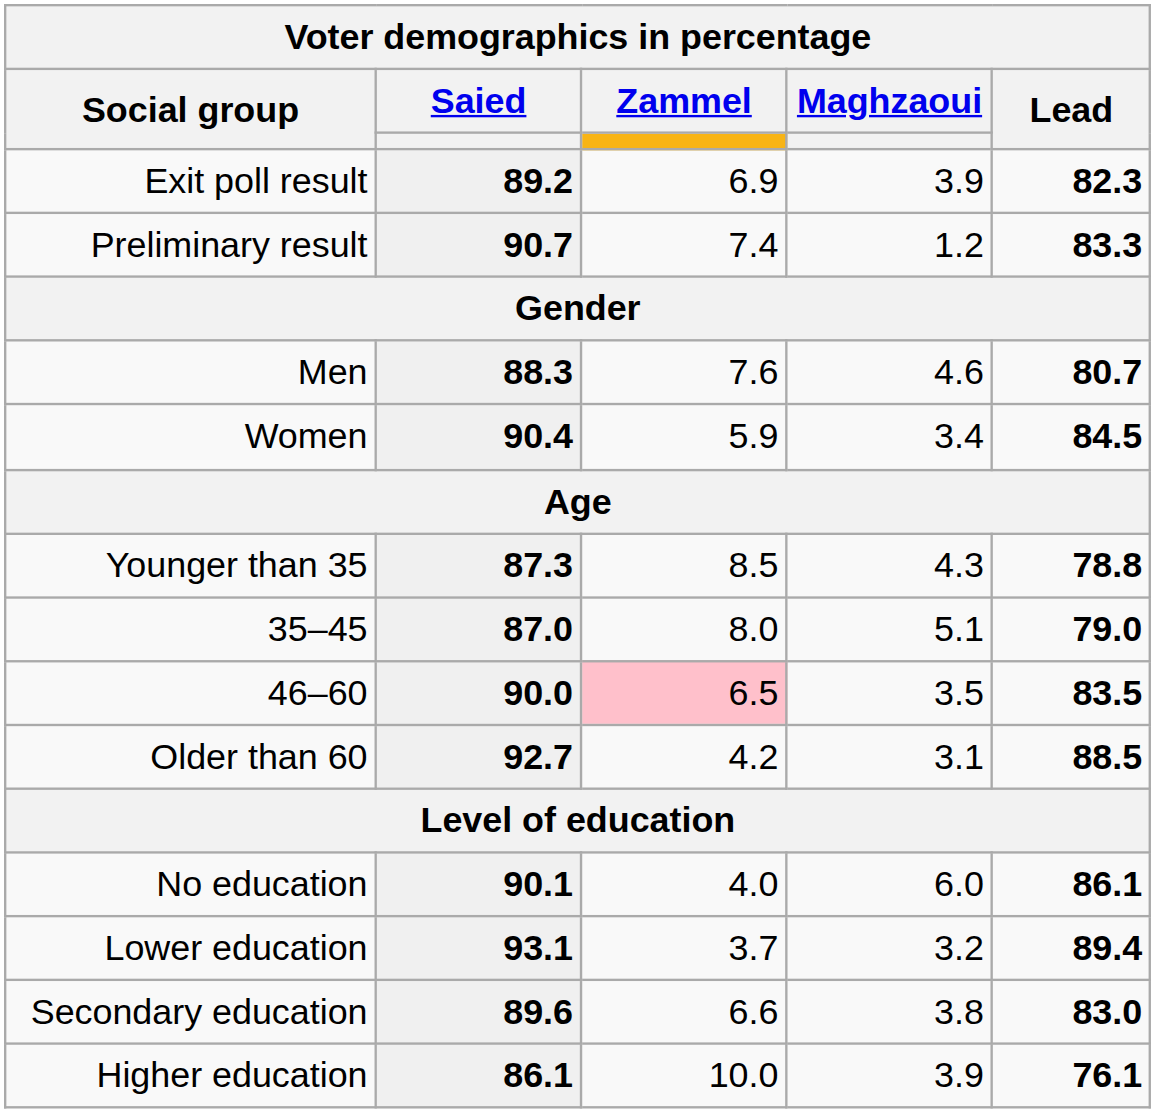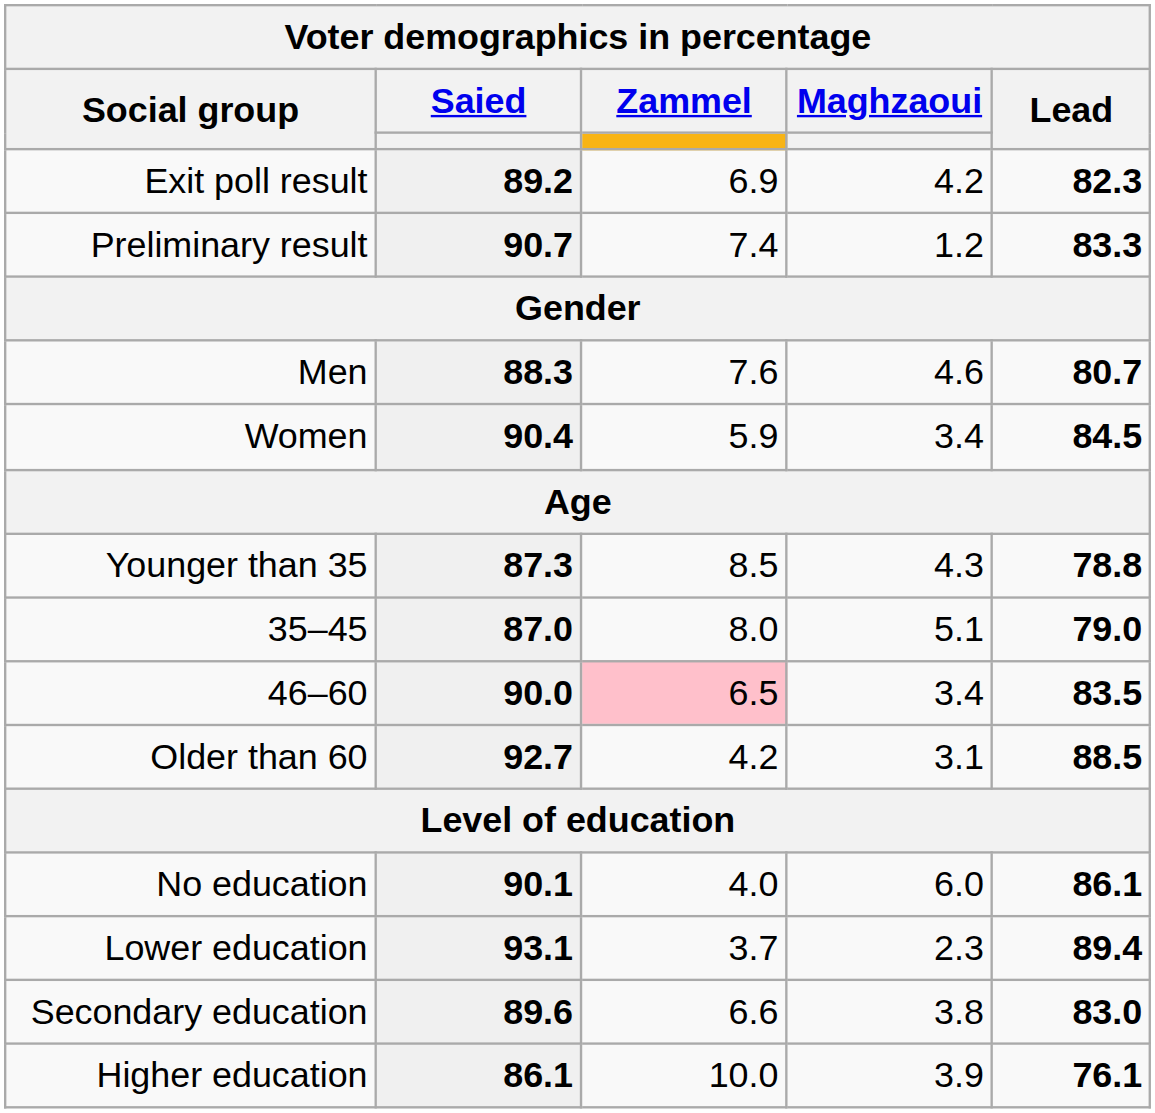 <table class="wikitable" style="text-align:right; font-size:95%; line-height:20px">
 <tr>
 <th colspan="11">Voter demographics in percentage</th>
 </tr>
 <tr>
 <th style="width:150px" rowspan="2">Social group</th>
 <th style="width:80px" class="unsortable"><a href='#'>Saied</a></th>
 <th style="width:80px" class="unsortable"><a href='#'>Zammel</a></th>
 <th style="width:80px" class="unsortable"><a href='#'>Maghzaoui</a></th>
 <th style="width:60px" rowspan="2" class="unsortable">Lead</th>
 </tr>
 <tr>
 <th class="unsortable" style="color:inherit;background:"></th>
 <th class="unsortable" style="color:inherit;background:#F8B415; width:60px"></th>
 <th class="unsortable" style="color:inherit;background:"></th>
 </tr>
 <tr>
 <td>Exit poll result</td>
 <td style="text-align:right; background:#f0f0f0"><strong>89.2</strong></td>
 <td style="text-align:right">6.9</td>
-<td style="text-align:right">3.9</td>
+<td style="text-align:right">4.2</td>
 <td style="text-align:right; background:"><strong>82.3</strong></td>
 </tr>
 <tr>
 <td>Preliminary result</td>
 <td style="text-align:right; background:#f0f0f0"><strong>90.7</strong></td>
 <td style="text-align:right">7.4</td>
 <td style="text-align:right">1.2</td>
 <td style="text-align:right; background:"><strong>83.3</strong></td>
 </tr>
 <tr>
 <th colspan="5">Gender</th>
 </tr>
 <tr>
 <td>Men</td>
 <td style="text-align:right; background:#f0f0f0"><strong>88.3</strong></td>
 <td style="text-align:right">7.6</td>
 <td style="text-align:right">4.6</td>
 <td style="text-align:right; background:"><strong>80.7</strong></td>
 </tr>
 <tr>
 <td>Women</td>
 <td style="text-align:right; background:#f0f0f0"><strong>90.4</strong></td>
 <td style="text-align:right">5.9</td>
 <td style="text-align:right">3.4</td>
 <td style="text-align:right; background:"><strong>84.5</strong></td>
 </tr>
 <tr>
 <th colspan="5">Age</th>
 </tr>
 <tr>
 <td>Younger than 35</td>
 <td style="text-align:right; background:#f0f0f0"><strong>87.3</strong></td>
 <td style="text-align:right">8.5</td>
 <td style="text-align:right">4.3</td>
 <td style="text-align:right; background:"><strong>78.8</strong></td>
 </tr>
 <tr>
 <td>35–45</td>
 <td style="text-align:right; background:#f0f0f0"><strong>87.0</strong></td>
 <td style="text-align:right">8.0</td>
 <td style="text-align:right">5.1</td>
 <td style="text-align:right; background:"><strong>79.0</strong></td>
 </tr>
 <tr>
 <td>46–60</td>
 <td style="text-align:right; background:#f0f0f0"><strong>90.0</strong></td>
 <td style="background: pink; text-align:right">6.5</td>
-<td style="text-align:right">3.5</td>
+<td style="text-align:right">3.4</td>
 <td style="text-align:right; background:"><strong>83.5</strong></td>
 </tr>
 <tr>
 <td>Older than 60</td>
 <td style="text-align:right; background:#f0f0f0"><strong>92.7</strong></td>
 <td style="text-align:right">4.2</td>
 <td style="text-align:right">3.1</td>
 <td style="text-align:right; background:"><strong>88.5</strong></td>
 </tr>
 <tr>
 <th colspan="5">Level of education</th>
 </tr>
 <tr>
 <td>No education</td>
 <td style="text-align:right; background:#f0f0f0"><strong>90.1</strong></td>
 <td style="text-align:right">4.0</td>
 <td style="text-align:right">6.0</td>
 <td style="text-align:right; background:"><strong>86.1</strong></td>
 </tr>
 <tr>
 <td>Lower education</td>
 <td style="text-align:right; background:#f0f0f0"><strong>93.1</strong></td>
 <td style="text-align:right">3.7</td>
-<td style="text-align:right">3.2</td>
+<td style="text-align:right">2.3</td>
 <td style="text-align:right; background:"><strong>89.4</strong></td>
 </tr>
 <tr>
 <td>Secondary education</td>
 <td style="text-align:right; background:#f0f0f0"><strong>89.6</strong></td>
 <td style="text-align:right">6.6</td>
 <td style="text-align:right">3.8</td>
 <td style="text-align:right; background:"><strong>83.0</strong></td>
 </tr>
 <tr>
 <td>Higher education</td>
 <td style="text-align:right; background:#f0f0f0"><strong>86.1</strong></td>
 <td style="text-align:right">10.0</td>
 <td style="text-align:right">3.9</td>
 <td style="text-align:right; background:"><strong>76.1</strong></td>
 </tr>
 </table>
